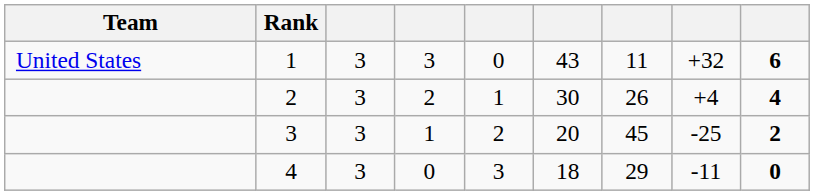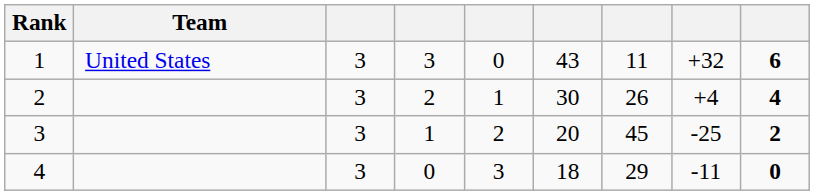 <table class="wikitable" style="text-align:center;">
 <tr>
+<th width=40>Rank</th>
 <th width=165>Team</th>
-<th width=40>Rank</th>
 <th width=40></th>
 <th width=40></th>
 <th width=40></th>
 <th width=40></th>
 <th width=40></th>
 <th width=40></th>
 <th width=40></th>
 </tr>
 <tr>
+<td>1</td>
 <td style="text-align:left;"> <a href='#'>United States</a></td>
-<td>1</td>
 <td>3</td>
 <td>3</td>
 <td>0</td>
 <td>43</td>
 <td>11</td>
 <td>+32</td>
 <td><strong>6</strong></td>
 </tr>
 <tr>
+<td>2</td>
 <td style="text-align:left;"></td>
-<td>2</td>
 <td>3</td>
 <td>2</td>
 <td>1</td>
 <td>30</td>
 <td>26</td>
 <td>+4</td>
 <td><strong>4</strong></td>
 </tr>
 <tr>
+<td>3</td>
 <td style="text-align:left;"></td>
-<td>3</td>
 <td>3</td>
 <td>1</td>
 <td>2</td>
 <td>20</td>
 <td>45</td>
 <td>-25</td>
 <td><strong>2</strong></td>
 </tr>
 <tr>
+<td>4</td>
 <td style="text-align:left;"></td>
-<td>4</td>
 <td>3</td>
 <td>0</td>
 <td>3</td>
 <td>18</td>
 <td>29</td>
 <td>-11</td>
 <td><strong>0</strong></td>
 </tr>
 </table>
